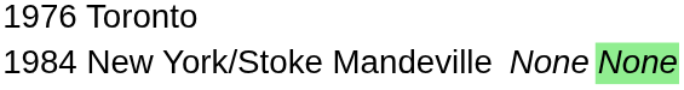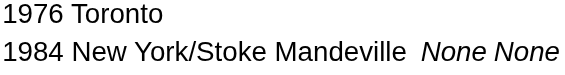 <table>
 <tr>
 <td>1976 Toronto <br></td>
 <td></td>
 <td></td>
 <td></td>
 </tr>
 <tr>
 <td>1984 New York/Stoke Mandeville <br></td>
 <td></td>
 <td><em>None</em></td>
-<td style="background: lightgreen;"><em>None</em></td>
+<td><em>None</em></td>
 </tr>
 </table>
